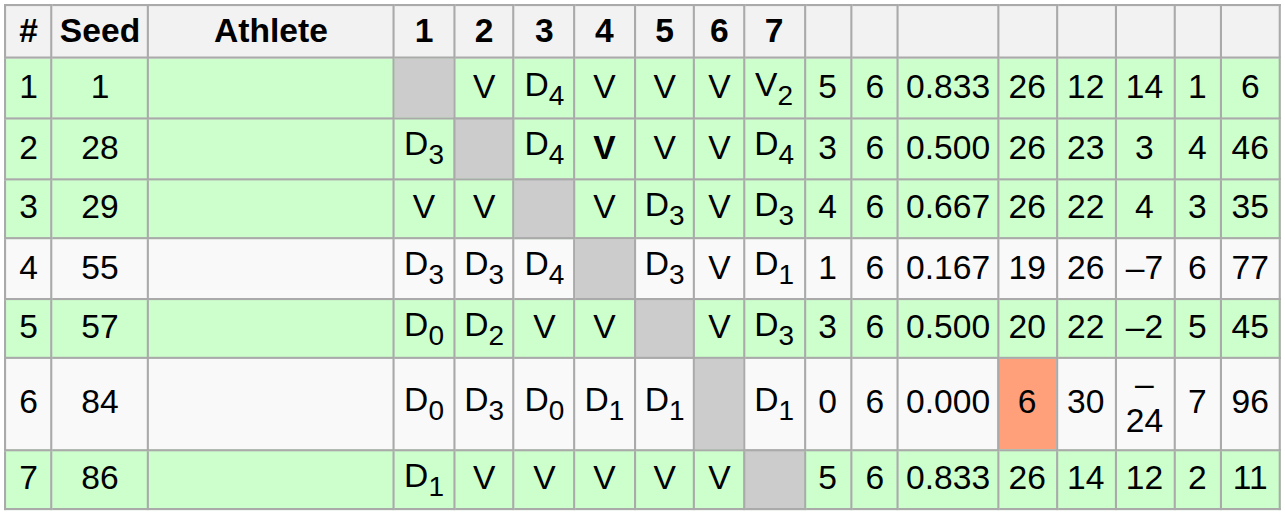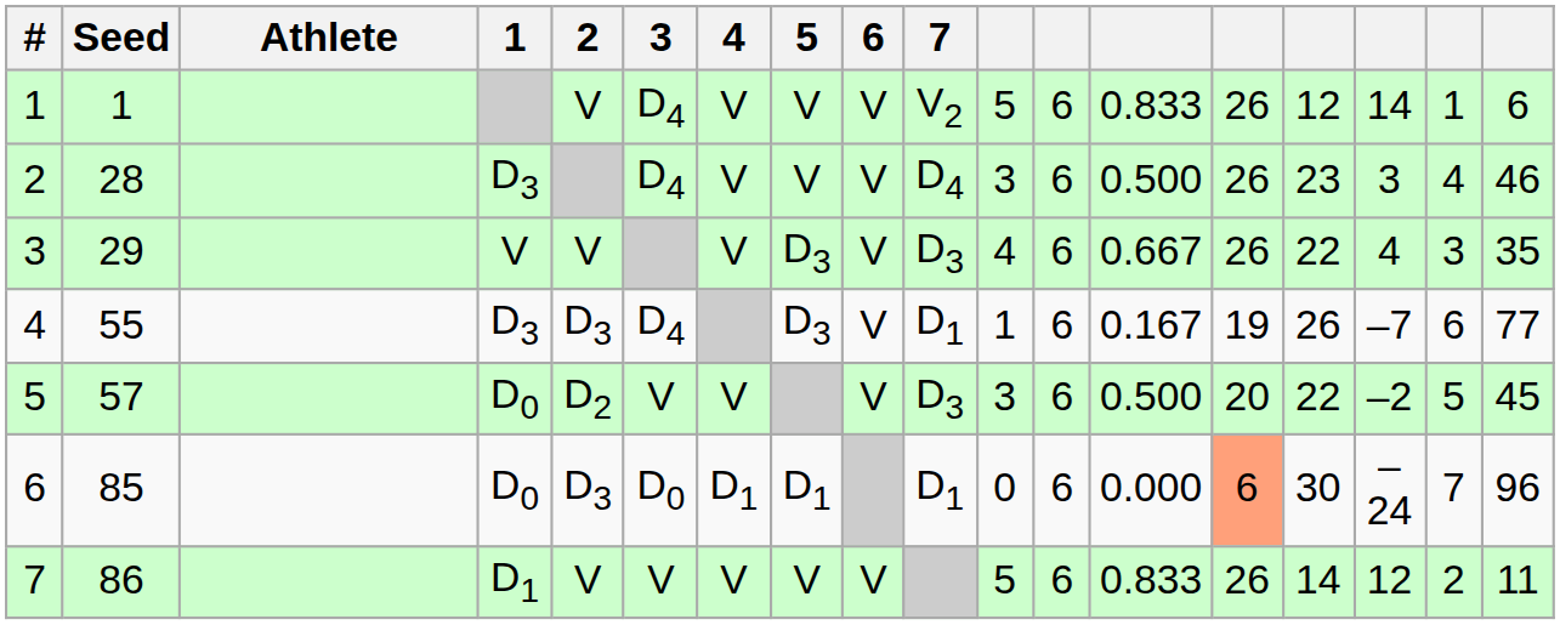 <table class="wikitable" style="text-align:center">
 <tr>
 <th width="25">#</th>
 <th width="25">Seed</th>
 <th width="200">Athlete</th>
 <th width="25">1</th>
 <th width="25">2</th>
 <th width="25">3</th>
 <th width="25">4</th>
 <th width="25">5</th>
 <th width="25">6</th>
 <th width="25">7</th>
 <th width="25"></th>
 <th width="25"></th>
 <th width="40"></th>
 <th width="25"></th>
 <th width="25"></th>
 <th width="25"></th>
 <th width="25"></th>
 <th width="25"></th>
 </tr>
 <tr bgcolor="ccffcc">
 <td>1</td>
 <td>1</td>
 <td align=left></td>
 <td bgcolor="#cccccc"></td>
 <td>V</td>
 <td>D<sub>4</sub></td>
 <td>V</td>
 <td>V</td>
 <td>V</td>
 <td>V<sub>2</sub></td>
 <td>5</td>
 <td>6</td>
 <td>0.833</td>
 <td>26</td>
 <td>12</td>
 <td>14</td>
 <td>1</td>
 <td>6</td>
 </tr>
 <tr bgcolor="ccffcc">
 <td>2</td>
 <td>28</td>
 <td align=left></td>
 <td>D<sub>3</sub></td>
 <td bgcolor="#cccccc"></td>
 <td>D<sub>4</sub></td>
-<td><strong>V</strong></td>
+<td>V</td>
 <td>V</td>
 <td>V</td>
 <td>D<sub>4</sub></td>
 <td>3</td>
 <td>6</td>
 <td>0.500</td>
 <td>26</td>
 <td>23</td>
 <td>3</td>
 <td>4</td>
 <td>46</td>
 </tr>
 <tr bgcolor="ccffcc">
 <td>3</td>
 <td>29</td>
 <td align=left></td>
 <td>V</td>
 <td>V</td>
 <td bgcolor="#cccccc"></td>
 <td>V</td>
 <td>D<sub>3</sub></td>
 <td>V</td>
 <td>D<sub>3</sub></td>
 <td>4</td>
 <td>6</td>
 <td>0.667</td>
 <td>26</td>
 <td>22</td>
 <td>4</td>
 <td>3</td>
 <td>35</td>
 </tr>
 <tr>
 <td>4</td>
 <td>55</td>
 <td align=left></td>
 <td>D<sub>3</sub></td>
 <td>D<sub>3</sub></td>
 <td>D<sub>4</sub></td>
 <td bgcolor="#cccccc"></td>
 <td>D<sub>3</sub></td>
 <td>V</td>
 <td>D<sub>1</sub></td>
 <td>1</td>
 <td>6</td>
 <td>0.167</td>
 <td>19</td>
 <td>26</td>
 <td>–7</td>
 <td>6</td>
 <td>77</td>
 </tr>
 <tr bgcolor="ccffcc">
 <td>5</td>
 <td>57</td>
 <td align=left></td>
 <td>D<sub>0</sub></td>
 <td>D<sub>2</sub></td>
 <td>V</td>
 <td>V</td>
 <td bgcolor="#cccccc"></td>
 <td>V</td>
 <td>D<sub>3</sub></td>
 <td>3</td>
 <td>6</td>
 <td>0.500</td>
 <td>20</td>
 <td>22</td>
 <td>–2</td>
 <td>5</td>
 <td>45</td>
 </tr>
 <tr>
 <td>6</td>
-<td>84</td>
+<td>85</td>
 <td align=left></td>
 <td>D<sub>0</sub></td>
 <td>D<sub>3</sub></td>
 <td>D<sub>0</sub></td>
 <td>D<sub>1</sub></td>
 <td>D<sub>1</sub></td>
 <td bgcolor="#cccccc"></td>
 <td>D<sub>1</sub></td>
 <td>0</td>
 <td>6</td>
 <td>0.000</td>
 <td style="background: lightsalmon;">6</td>
 <td>30</td>
 <td>–24</td>
 <td>7</td>
 <td>96</td>
 </tr>
 <tr bgcolor="ccffcc">
 <td>7</td>
 <td>86</td>
 <td align=left></td>
 <td>D<sub>1</sub></td>
 <td>V</td>
 <td>V</td>
 <td>V</td>
 <td>V</td>
 <td>V</td>
 <td bgcolor="#cccccc"></td>
 <td>5</td>
 <td>6</td>
 <td>0.833</td>
 <td>26</td>
 <td>14</td>
 <td>12</td>
 <td>2</td>
 <td>11</td>
 </tr>
 </table>
